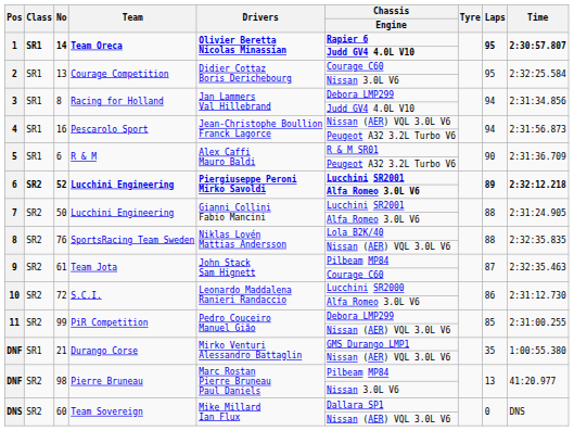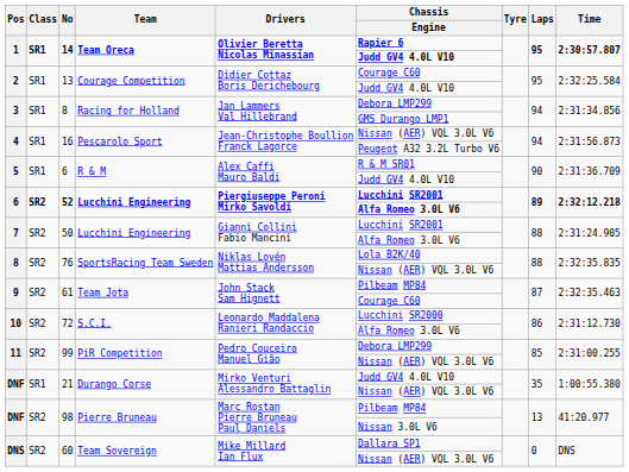 <table class="wikitable" style="font-size:95%;">
 <tr>
 <th rowspan="2">Pos</th>
 <th rowspan="2">Class</th>
 <th rowspan="2">No</th>
 <th rowspan="2">Team</th>
 <th rowspan="2">Drivers</th>
 <th>Chassis</th>
 <th rowspan="2">Tyre</th>
 <th rowspan="2">Laps</th>
 <th rowspan="2">Time</th>
 </tr>
 <tr>
 <th>Engine</th>
 </tr>
 <tr style="font-weight:bold">
 <th rowspan="2">1</th>
 <td rowspan="2">SR1</td>
 <td rowspan="2">14</td>
 <td rowspan="2"> <a href='#'>Team Oreca</a></td>
 <td rowspan="2"> <a href='#'>Olivier Beretta</a><br> <a href='#'>Nicolas Minassian</a></td>
 <td><a href='#'>Rapier 6</a></td>
 <td rowspan="2"></td>
 <td rowspan="2">95</td>
 <td rowspan="2">2:30:57.807</td>
 </tr>
 <tr style="font-weight:bold">
 <td><a href='#'>Judd GV4</a> 4.0L V10</td>
 </tr>
 <tr>
 <th rowspan="2">2</th>
 <td rowspan="2">SR1</td>
 <td rowspan="2">13</td>
 <td rowspan="2"> <a href='#'>Courage Competition</a></td>
 <td rowspan="2"> <a href='#'>Didier Cottaz</a><br> <a href='#'>Boris Derichebourg</a></td>
 <td><a href='#'>Courage C60</a></td>
 <td rowspan="2"></td>
 <td rowspan="2">95</td>
 <td rowspan="2">2:32:25.584</td>
 </tr>
 <tr>
-<td><a href='#'>Nissan</a>  3.0L V6</td>
+<td><a href='#'>Judd GV4</a> 4.0L V10</td>
 </tr>
 <tr>
 <th rowspan="2">3</th>
 <td rowspan="2">SR1</td>
 <td rowspan="2">8</td>
 <td rowspan="2"> <a href='#'>Racing for Holland</a></td>
 <td rowspan="2"> <a href='#'>Jan Lammers</a><br> <a href='#'>Val Hillebrand</a></td>
 <td><a href='#'>Debora LMP299</a></td>
 <td rowspan="2"></td>
 <td rowspan="2">94</td>
 <td rowspan="2">2:31:34.856</td>
 </tr>
 <tr>
-<td><a href='#'>Judd GV4</a> 4.0L V10</td>
+<td><a href='#'>GMS Durango LMP1</a></td>
 </tr>
 <tr>
 <th rowspan="2">4</th>
 <td rowspan="2">SR1</td>
 <td rowspan="2">16</td>
 <td rowspan="2"> <a href='#'>Pescarolo Sport</a></td>
 <td rowspan="2"> <a href='#'>Jean-Christophe Boullion</a><br> <a href='#'>Franck Lagorce</a></td>
 <td><a href='#'>Nissan</a> (<a href='#'>AER</a>) VQL 3.0L V6</td>
 <td rowspan="2"></td>
 <td rowspan="2">94</td>
 <td rowspan="2">2:31:56.873</td>
 </tr>
 <tr>
 <td><a href='#'>Peugeot</a> A32 3.2L Turbo V6</td>
 </tr>
 <tr>
 <th rowspan="2">5</th>
 <td rowspan="2">SR1</td>
 <td rowspan="2">6</td>
 <td rowspan="2"> <a href='#'>R & M</a></td>
 <td rowspan="2"> <a href='#'>Alex Caffi</a><br> <a href='#'>Mauro Baldi</a></td>
 <td><a href='#'>R & M SR01</a></td>
 <td rowspan="2"></td>
 <td rowspan="2">90</td>
 <td rowspan="2">2:31:36.709</td>
 </tr>
 <tr>
-<td><a href='#'>Peugeot</a> A32 3.2L Turbo V6</td>
+<td><a href='#'>Judd GV4</a> 4.0L V10</td>
 </tr>
 <tr style="font-weight:bold">
 <th rowspan="2">6</th>
 <td rowspan="2">SR2</td>
 <td rowspan="2">52</td>
 <td rowspan="2"> <a href='#'>Lucchini Engineering</a></td>
 <td rowspan="2"> <a href='#'>Piergiuseppe Peroni</a><br> <a href='#'>Mirko Savoldi</a></td>
 <td><a href='#'>Lucchini</a> <a href='#'>SR2001</a></td>
 <td rowspan="2"></td>
 <td rowspan="2">89</td>
 <td rowspan="2">2:32:12.218</td>
 </tr>
 <tr style="font-weight:bold">
 <td><a href='#'>Alfa Romeo</a> 3.0L V6</td>
 </tr>
 <tr>
 <th rowspan="2">7</th>
 <td rowspan="2">SR2</td>
 <td rowspan="2">50</td>
 <td rowspan="2"> <a href='#'>Lucchini Engineering</a></td>
 <td rowspan="2"> <a href='#'>Gianni Collini</a><br> Fabio Mancini</td>
 <td><a href='#'>Lucchini</a> <a href='#'>SR2001</a></td>
 <td rowspan="2"></td>
 <td rowspan="2">88</td>
 <td rowspan="2">2:31:24.905</td>
 </tr>
 <tr>
 <td><a href='#'>Alfa Romeo</a> 3.0L V6</td>
 </tr>
 <tr>
 <th rowspan="2">8</th>
 <td rowspan="2">SR2</td>
 <td rowspan="2">76</td>
 <td rowspan="2"> <a href='#'>SportsRacing Team Sweden</a></td>
 <td rowspan="2"> <a href='#'>Niklas Lovén</a><br> <a href='#'>Mattias Andersson</a></td>
 <td><a href='#'>Lola B2K/40</a></td>
 <td rowspan="2"></td>
 <td rowspan="2">88</td>
 <td rowspan="2">2:32:35.835</td>
 </tr>
 <tr>
 <td><a href='#'>Nissan</a> (<a href='#'>AER</a>) VQL 3.0L V6</td>
 </tr>
 <tr>
 <th rowspan="2">9</th>
 <td rowspan="2">SR2</td>
 <td rowspan="2">61</td>
 <td rowspan="2"> <a href='#'>Team Jota</a></td>
 <td rowspan="2"> <a href='#'>John Stack</a><br> <a href='#'>Sam Hignett</a></td>
 <td><a href='#'>Pilbeam</a> <a href='#'>MP84</a></td>
 <td rowspan="2"></td>
 <td rowspan="2">87</td>
 <td rowspan="2">2:32:35.463</td>
 </tr>
 <tr>
 <td><a href='#'>Courage C60</a></td>
 </tr>
 <tr>
 <th rowspan="2">10</th>
 <td rowspan="2">SR2</td>
 <td rowspan="2">72</td>
 <td rowspan="2"> <a href='#'>S.C.I.</a></td>
 <td rowspan="2"> <a href='#'>Leonardo Maddalena</a><br> <a href='#'>Ranieri Randaccio</a></td>
 <td><a href='#'>Lucchini</a> <a href='#'>SR2000</a></td>
 <td rowspan="2"></td>
 <td rowspan="2">86</td>
 <td rowspan="2">2:31:12.730</td>
 </tr>
 <tr>
 <td><a href='#'>Alfa Romeo</a> 3.0L V6</td>
 </tr>
 <tr>
 <th rowspan="2">11</th>
 <td rowspan="2">SR2</td>
 <td rowspan="2">99</td>
 <td rowspan="2"> <a href='#'>PiR Competition</a></td>
 <td rowspan="2"> <a href='#'>Pedro Couceiro</a><br> <a href='#'>Manuel Gião</a></td>
 <td><a href='#'>Debora LMP299</a></td>
 <td rowspan="2"></td>
 <td rowspan="2">85</td>
 <td rowspan="2">2:31:00.255</td>
 </tr>
 <tr>
 <td><a href='#'>Nissan</a> (<a href='#'>AER</a>) VQL 3.0L V6</td>
 </tr>
 <tr>
 <th rowspan="2">DNF</th>
 <td rowspan="2">SR1</td>
 <td rowspan="2">21</td>
 <td rowspan="2"> <a href='#'>Durango Corse</a></td>
 <td rowspan="2"> <a href='#'>Mirko Venturi</a><br> <a href='#'>Alessandro Battaglin</a></td>
-<td><a href='#'>GMS Durango LMP1</a></td>
+<td><a href='#'>Judd GV4</a> 4.0L V10</td>
 <td rowspan="2"></td>
 <td rowspan="2">35</td>
 <td rowspan="2">1:00:55.380</td>
 </tr>
 <tr>
 <td><a href='#'>Nissan</a> (<a href='#'>AER</a>) VQL 3.0L V6</td>
 </tr>
 <tr>
 <th rowspan="2">DNF</th>
 <td rowspan="2">SR2</td>
 <td rowspan="2">98</td>
 <td rowspan="2"> <a href='#'>Pierre Bruneau</a></td>
 <td rowspan="2"> <a href='#'>Marc Rostan</a><br> <a href='#'>Pierre Bruneau</a><br> <a href='#'>Paul Daniels</a></td>
 <td><a href='#'>Pilbeam</a> <a href='#'>MP84</a></td>
 <td rowspan="2"></td>
 <td rowspan="2">13</td>
 <td rowspan="2">41:20.977</td>
 </tr>
 <tr>
 <td><a href='#'>Nissan</a>  3.0L V6</td>
 </tr>
 <tr>
 <th rowspan="2">DNS</th>
 <td rowspan="2">SR2</td>
 <td rowspan="2">60</td>
 <td rowspan="2"> <a href='#'>Team Sovereign</a></td>
 <td rowspan="2"> <a href='#'>Mike Millard</a><br> <a href='#'>Ian Flux</a></td>
 <td><a href='#'>Dallara SP1</a></td>
 <td rowspan="2"></td>
 <td rowspan="2">0</td>
 <td rowspan="2">DNS</td>
 </tr>
 <tr>
 <td><a href='#'>Nissan</a> (<a href='#'>AER</a>) VQL 3.0L V6</td>
 </tr>
 </table>
